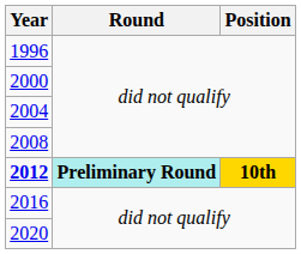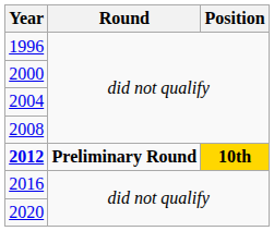 <table class="wikitable" style="text-align: center;">
 <tr>
 <th>Year</th>
 <th>Round</th>
 <th>Position</th>
 </tr>
 <tr>
 <td> <a href='#'>1996</a></td>
 <td colspan=2  rowspan=4><em>did not qualify</em></td>
 </tr>
 <tr>
 <td> <a href='#'>2000</a></td>
 </tr>
 <tr>
 <td> <a href='#'>2004</a></td>
 </tr>
 <tr>
 <td> <a href='#'>2008</a></td>
 </tr>
 <tr>
 <td> <strong><a href='#'>2012</a></strong></td>
-<td style="background: paleturquoise;"><strong>Preliminary Round</strong></td>
+<td><strong>Preliminary Round</strong></td>
 <td style="background: gold;"><strong>10th</strong></td>
 </tr>
 <tr>
 <td> <a href='#'>2016</a></td>
 <td colspan="2" rowspan=2><em>did not qualify</em></td>
 </tr>
 <tr>
 <td> <a href='#'>2020</a></td>
 </tr>
 </table>
